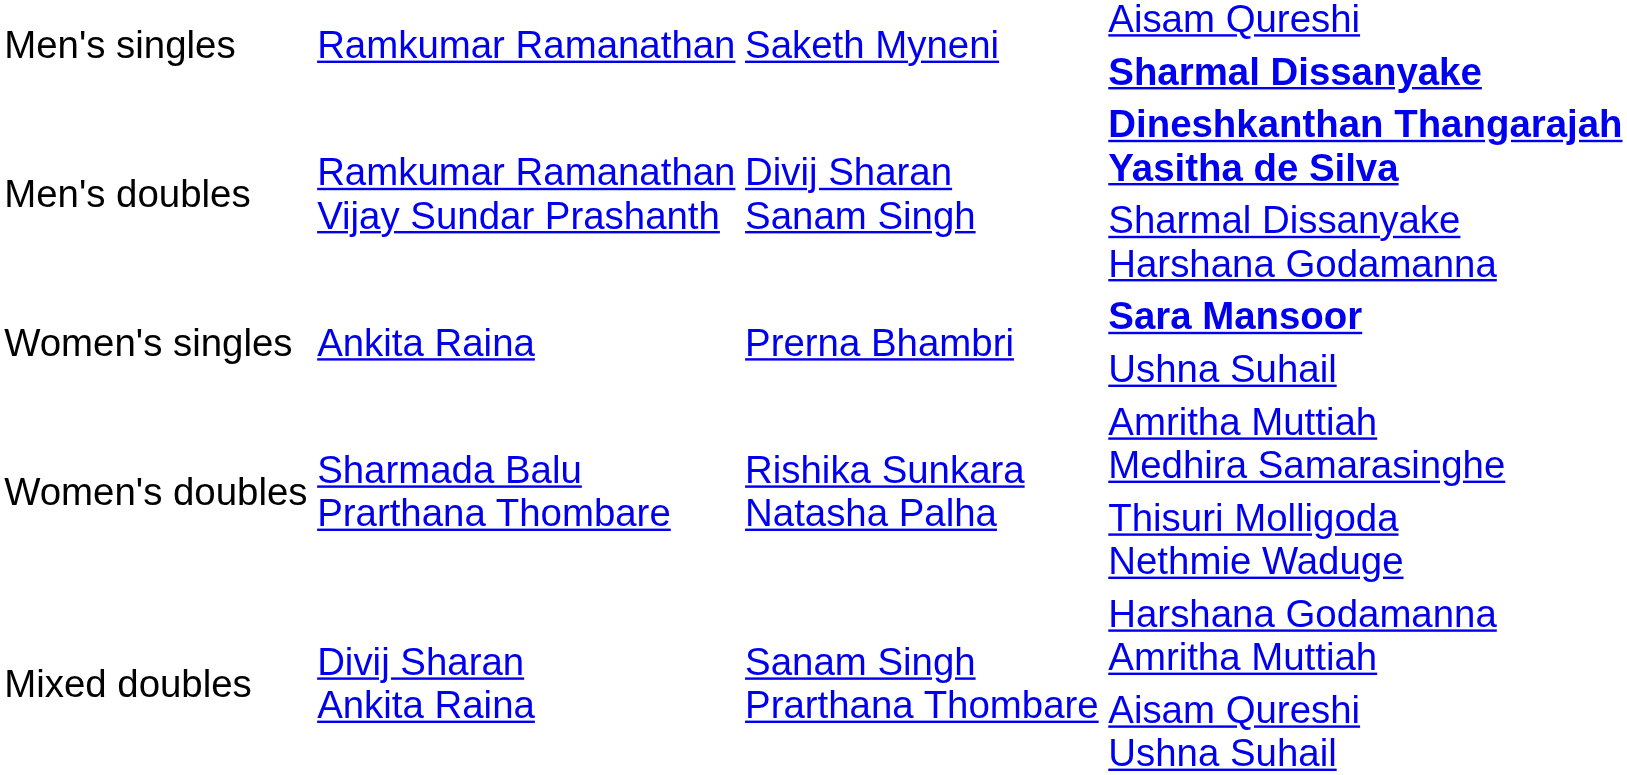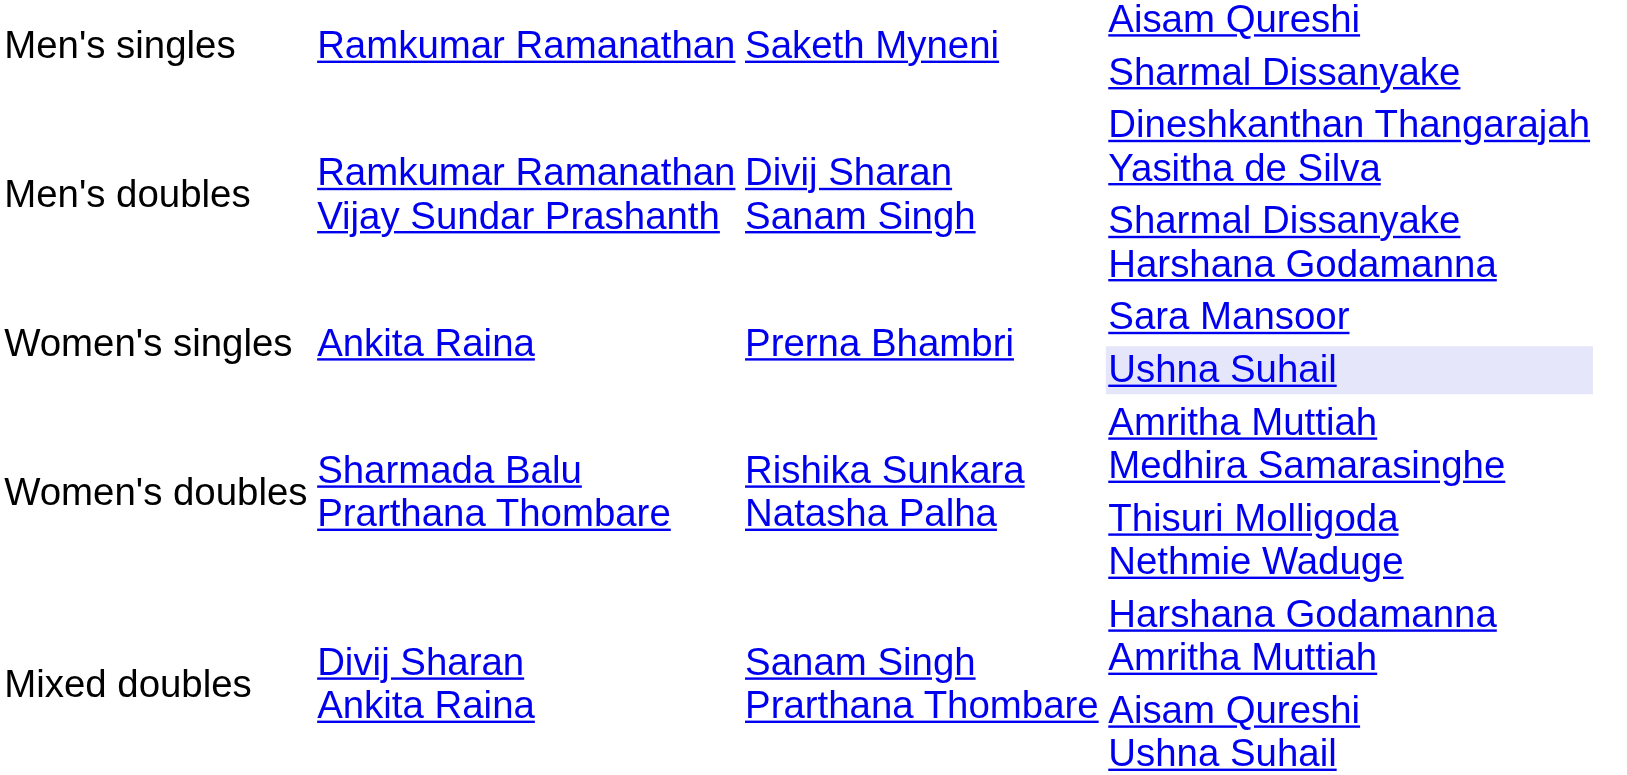 <table>
 <tr>
 <td rowspan="2">Men's singles<br></td>
 <td rowspan="2"> <a href='#'>Ramkumar Ramanathan</a></td>
 <td rowspan="2"> <a href='#'>Saketh Myneni</a></td>
 <td> <a href='#'>Aisam Qureshi</a></td>
 </tr>
 <tr>
-<td><strong> <a href='#'>Sharmal Dissanyake</a></strong></td>
+<td> <a href='#'>Sharmal Dissanyake</a></td>
 </tr>
 <tr>
 <td rowspan="2">Men's doubles<br></td>
 <td rowspan="2"> <a href='#'>Ramkumar Ramanathan</a><br> <a href='#'>Vijay Sundar Prashanth</a></td>
 <td rowspan="2"> <a href='#'>Divij Sharan</a><br> <a href='#'>Sanam Singh</a></td>
-<td><strong> <a href='#'>Dineshkanthan Thangarajah</a><br> <a href='#'>Yasitha de Silva</a></strong></td>
+<td> <a href='#'>Dineshkanthan Thangarajah</a><br> <a href='#'>Yasitha de Silva</a></td>
 </tr>
 <tr>
 <td> <a href='#'>Sharmal Dissanyake</a><br> <a href='#'>Harshana Godamanna</a></td>
 </tr>
 <tr>
 <td rowspan="2">Women's singles<br></td>
 <td rowspan="2"> <a href='#'>Ankita Raina</a></td>
 <td rowspan="2"> <a href='#'>Prerna Bhambri</a></td>
-<td><strong> <a href='#'>Sara Mansoor</a></strong></td>
+<td> <a href='#'>Sara Mansoor</a></td>
 </tr>
 <tr>
-<td> <a href='#'>Ushna Suhail</a></td>
+<td style="background: lavender;"> <a href='#'>Ushna Suhail</a></td>
 </tr>
 <tr>
 <td rowspan="2">Women's doubles<br></td>
 <td rowspan="2"> <a href='#'>Sharmada Balu</a> <br>  <a href='#'>Prarthana Thombare</a></td>
 <td rowspan="2"> <a href='#'>Rishika Sunkara</a> <br>  <a href='#'>Natasha Palha</a></td>
 <td> <a href='#'>Amritha Muttiah</a><br> <a href='#'>Medhira Samarasinghe</a></td>
 </tr>
 <tr>
 <td> <a href='#'>Thisuri Molligoda</a><br> <a href='#'>Nethmie Waduge</a></td>
 </tr>
 <tr>
 <td rowspan="2">Mixed doubles<br></td>
 <td rowspan="2"> <a href='#'>Divij Sharan</a> <br>  <a href='#'>Ankita Raina</a></td>
 <td rowspan="2"> <a href='#'>Sanam Singh</a> <br>  <a href='#'>Prarthana Thombare</a></td>
 <td> <a href='#'>Harshana Godamanna</a><br> <a href='#'>Amritha Muttiah</a></td>
 </tr>
 <tr>
 <td> <a href='#'>Aisam Qureshi</a><br> <a href='#'>Ushna Suhail</a></td>
 </tr>
 <tr>
 </tr>
 </table>
